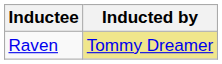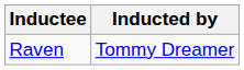 <table class="wikitable">
 <tr>
 <th>Inductee</th>
 <th>Inducted by</th>
 </tr>
 <tr>
 <td><a href='#'>Raven</a></td>
-<td style="background: khaki;"><a href='#'>Tommy Dreamer</a></td>
+<td><a href='#'>Tommy Dreamer</a></td>
 </tr>
 </table>
